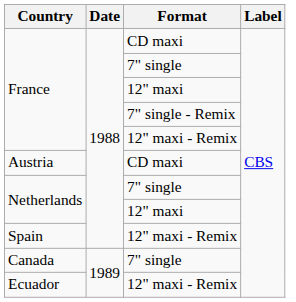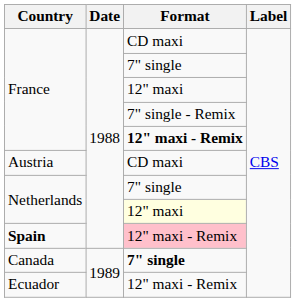 <table class=wikitable>
 <tr>
 <th>Country</th>
 <th>Date</th>
 <th>Format</th>
 <th>Label</th>
 </tr>
 <tr>
 <td rowspan="5">France</td>
 <td rowspan="9">1988</td>
 <td>CD maxi</td>
 <td rowspan="11"><a href='#'>CBS</a></td>
 </tr>
 <tr>
 <td>7" single</td>
 </tr>
 <tr>
 <td>12" maxi</td>
 </tr>
 <tr>
 <td>7" single - Remix</td>
 </tr>
 <tr>
-<td>12" maxi - Remix</td>
+<td><strong>12" maxi - Remix</strong></td>
 </tr>
 <tr>
 <td>Austria</td>
 <td>CD maxi</td>
 </tr>
 <tr>
 <td rowspan="2">Netherlands</td>
 <td>7" single</td>
 </tr>
 <tr>
-<td>12" maxi</td>
+<td style="background: lightyellow;">12" maxi</td>
 </tr>
 <tr>
-<td>Spain</td>
-<td>12" maxi - Remix</td>
+<td><strong>Spain</strong></td>
+<td style="background: pink;">12" maxi - Remix</td>
 </tr>
 <tr>
 <td>Canada</td>
 <td rowspan="2">1989</td>
-<td>7" single</td>
+<td><strong>7" single</strong></td>
 </tr>
 <tr>
 <td>Ecuador</td>
 <td>12" maxi - Remix</td>
 </tr>
 </table>
